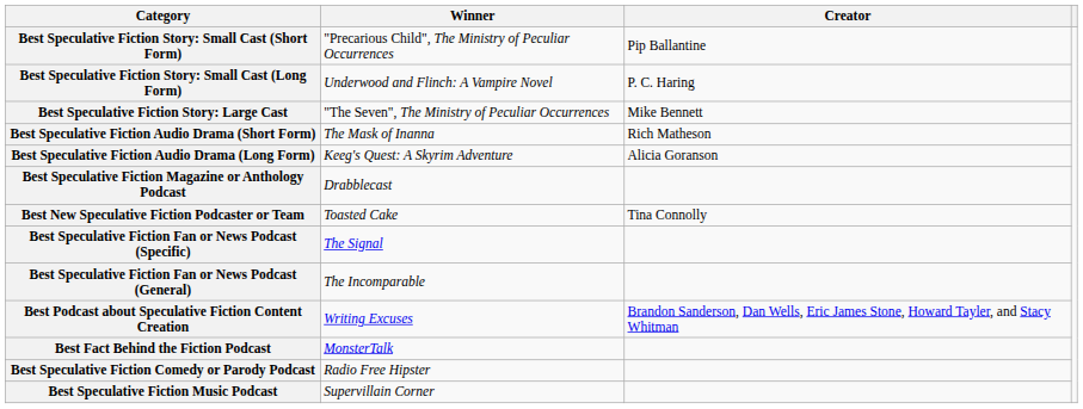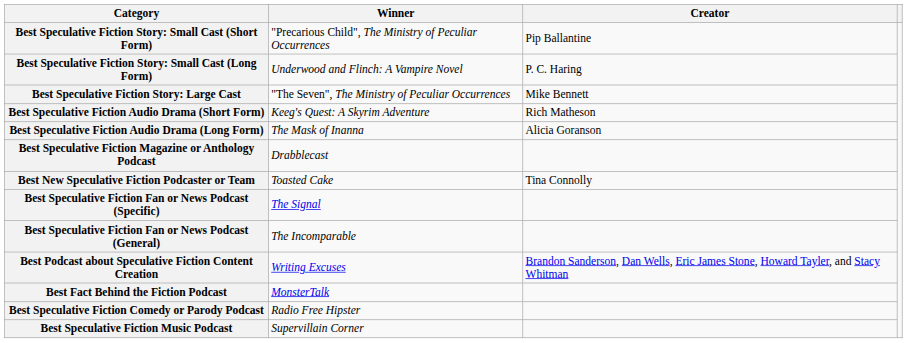 <table class="wikitable sortable">
 <tr>
 <th>Category</th>
 <th>Winner</th>
 <th>Creator</th>
 <th></th>
 </tr>
 <tr>
 <th>Best Speculative Fiction Story: Small Cast (Short Form)</th>
 <td>"Precarious Child", <em>The Ministry of Peculiar Occurrences</em></td>
 <td>Pip Ballantine</td>
 <td rowspan="13"></td>
 </tr>
 <tr>
 <th>Best Speculative Fiction Story: Small Cast (Long Form)</th>
 <td><em>Underwood and Flinch: A Vampire Novel</em></td>
 <td>P. C. Haring</td>
 </tr>
 <tr>
 <th>Best Speculative Fiction Story: Large Cast</th>
 <td>"The Seven", <em>The Ministry of Peculiar Occurrences</em></td>
 <td>Mike Bennett</td>
 </tr>
 <tr>
 <th>Best Speculative Fiction Audio Drama (Short Form)</th>
-<td><em>The Mask of Inanna</em></td>
+<td><em>Keeg's Quest: A Skyrim Adventure</em></td>
 <td>Rich Matheson</td>
 </tr>
 <tr>
 <th>Best Speculative Fiction Audio Drama (Long Form)</th>
-<td><em>Keeg's Quest: A Skyrim Adventure</em></td>
+<td><em>The Mask of Inanna</em></td>
 <td>Alicia Goranson</td>
 </tr>
 <tr>
 <th>Best Speculative Fiction Magazine or Anthology Podcast</th>
 <td><em>Drabblecast</em></td>
 <td></td>
 </tr>
 <tr>
 <th>Best New Speculative Fiction Podcaster or Team</th>
 <td><em>Toasted Cake</em></td>
 <td>Tina Connolly</td>
 </tr>
 <tr>
 <th>Best Speculative Fiction Fan or News Podcast (Specific)</th>
 <td><a href='#'><em>The Signal</em></a></td>
 <td></td>
 </tr>
 <tr>
 <th>Best Speculative Fiction Fan or News Podcast (General)</th>
 <td><em>The Incomparable</em></td>
 <td></td>
 </tr>
 <tr>
 <th>Best Podcast about Speculative Fiction Content Creation</th>
 <td><em><a href='#'>Writing Excuses</a></em></td>
 <td><a href='#'>Brandon Sanderson</a>, <a href='#'>Dan Wells</a>, <a href='#'>Eric James Stone</a>, <a href='#'>Howard Tayler</a>, and <a href='#'>Stacy Whitman</a></td>
 </tr>
 <tr>
 <th>Best Fact Behind the Fiction Podcast</th>
 <td><em><a href='#'>MonsterTalk</a></em></td>
 <td></td>
 </tr>
 <tr>
 <th>Best Speculative Fiction Comedy or Parody Podcast</th>
 <td><em>Radio Free Hipster</em></td>
 <td></td>
 </tr>
 <tr>
 <th>Best Speculative Fiction Music Podcast</th>
 <td><em>Supervillain Corner</em></td>
 <td></td>
 </tr>
 </table>
